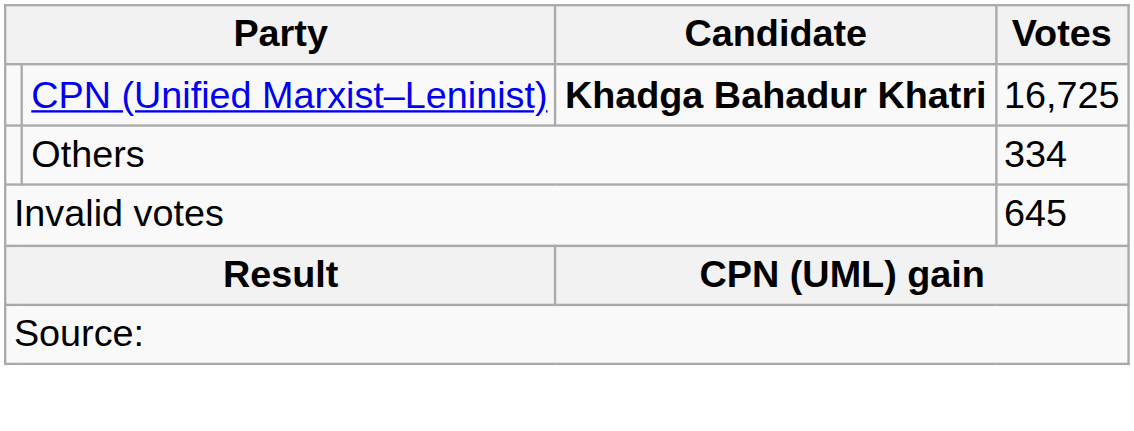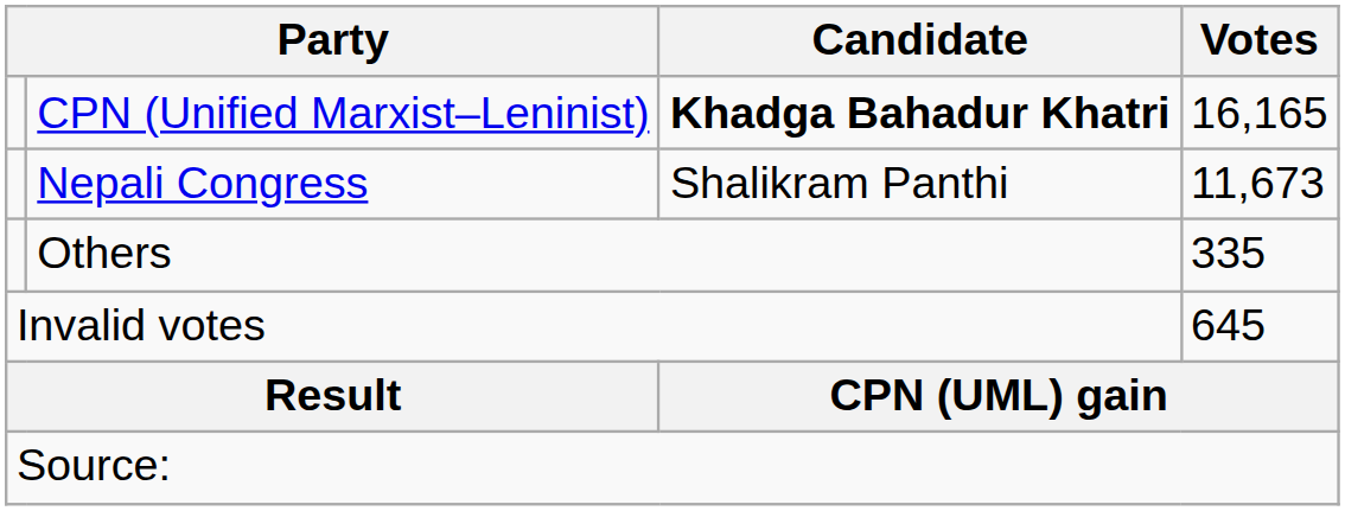 <table class="wikitable">
 <tr>
 <th colspan="2">Party</th>
 <th>Candidate</th>
 <th>Votes</th>
 </tr>
 <tr>
 <td style="background-color:"></td>
 <td><a href='#'>CPN (Unified Marxist–Leninist)</a></td>
 <td><strong>Khadga Bahadur Khatri</strong></td>
-<td>16,725</td>
+<td>16,165</td>
+</tr>
+<tr>
+<td style="background-color:"></td>
+<td><a href='#'>Nepali Congress</a></td>
+<td>Shalikram Panthi</td>
+<td>11,673</td>
 </tr>
 <tr>
 <td></td>
 <td colspan="2">Others</td>
-<td>334</td>
+<td>335</td>
 </tr>
 <tr>
 <td colspan="3">Invalid votes</td>
 <td>645</td>
 </tr>
 <tr>
 <th colspan="2">Result</th>
 <th colspan="2">CPN (UML) gain</th>
 </tr>
 <tr>
 <td colspan="4">Source: </td>
 </tr>
 </table>
